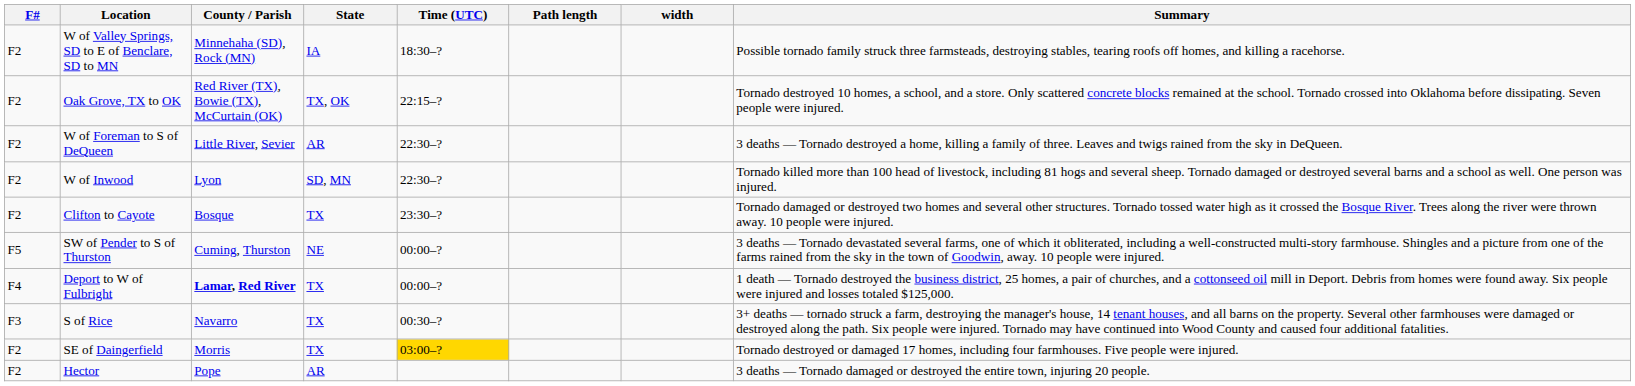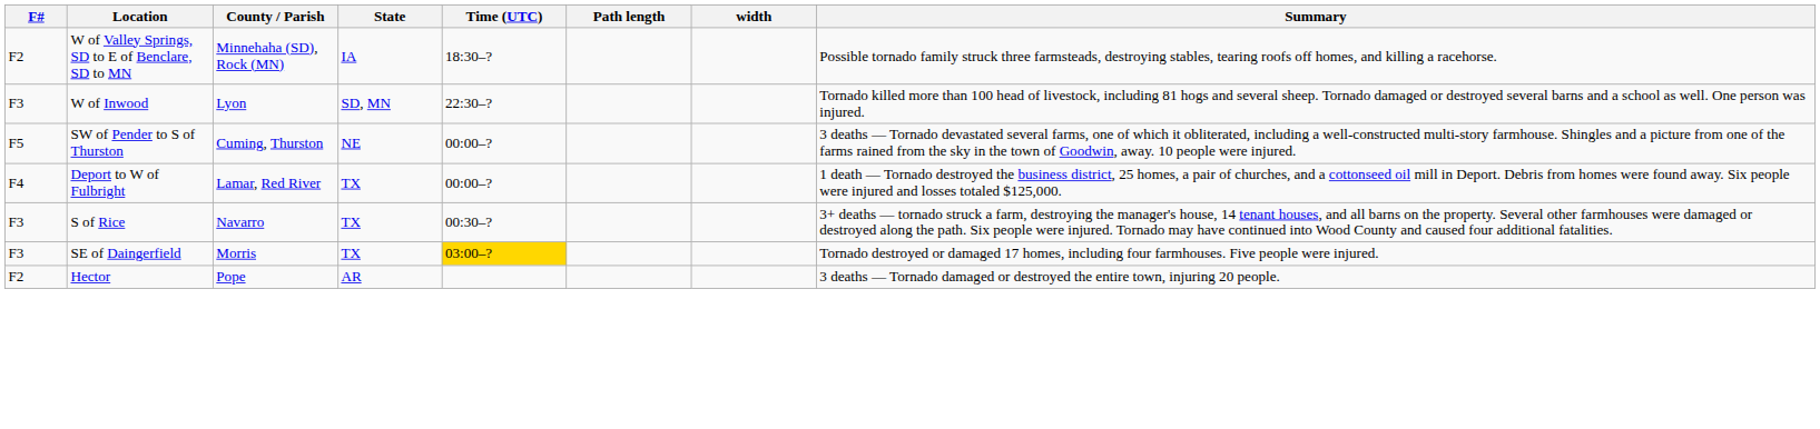 <table class="wikitable sortable" style="width:100%;">
 <tr>
 <th scope="col"  style="width:3%; text-align:center;"><a href='#'>F#</a></th>
 <th scope="col"  style="width:7%; text-align:center;" class="unsortable">Location</th>
 <th scope="col"  style="width:6%; text-align:center;" class="unsortable">County / Parish</th>
 <th scope="col"  style="width:5%; text-align:center;">State</th>
 <th scope="col"  style="width:6%; text-align:center;">Time (<a href='#'>UTC</a>)</th>
 <th scope="col"  style="width:6%; text-align:center;">Path length</th>
 <th scope="col"  style="width:6%; text-align:center;"> width</th>
 <th scope="col" class="unsortable" style="width:48%; text-align:center;">Summary</th>
 </tr>
 <tr>
 <td>F2</td>
 <td>W of <a href='#'>Valley Springs, SD</a> to E of <a href='#'>Benclare, SD</a> to <a href='#'>MN</a></td>
 <td><a href='#'>Minnehaha (SD)</a>, <a href='#'>Rock (MN)</a></td>
 <td><a href='#'>IA</a></td>
 <td>18:30–?</td>
 <td></td>
 <td></td>
 <td>Possible tornado family struck three farmsteads, destroying stables, tearing roofs off homes, and killing a racehorse.</td>
 </tr>
 <tr>
-<td>F2</td>
-<td><a href='#'>Oak Grove, TX</a> to <a href='#'>OK</a></td>
-<td><a href='#'>Red River (TX)</a>, <a href='#'>Bowie (TX)</a>, <a href='#'>McCurtain (OK)</a></td>
-<td><a href='#'>TX</a>, <a href='#'>OK</a></td>
-<td>22:15–?</td>
-<td></td>
-<td></td>
-<td>Tornado destroyed 10 homes, a school, and a store. Only scattered <a href='#'>concrete blocks</a> remained at the school. Tornado crossed into Oklahoma before dissipating. Seven people were injured.</td>
-</tr>
-<tr>
-<td>F2</td>
-<td>W of <a href='#'>Foreman</a> to S of <a href='#'>DeQueen</a></td>
-<td><a href='#'>Little River</a>, <a href='#'>Sevier</a></td>
-<td><a href='#'>AR</a></td>
-<td>22:30–?</td>
-<td></td>
-<td></td>
-<td>3 deaths — Tornado destroyed a home, killing a family of three. Leaves and twigs rained from the sky in DeQueen.</td>
-</tr>
-<tr>
-<td>F2</td>
+<td>F3</td>
 <td>W of <a href='#'>Inwood</a></td>
 <td><a href='#'>Lyon</a></td>
 <td><a href='#'>SD</a>, <a href='#'>MN</a></td>
 <td>22:30–?</td>
 <td></td>
 <td></td>
 <td>Tornado killed more than 100 head of livestock, including 81 hogs and several sheep. Tornado damaged or destroyed several barns and a school as well. One person was injured.</td>
-</tr>
-<tr>
-<td>F2</td>
-<td><a href='#'>Clifton</a> to <a href='#'>Cayote</a></td>
-<td><a href='#'>Bosque</a></td>
-<td><a href='#'>TX</a></td>
-<td>23:30–?</td>
-<td></td>
-<td></td>
-<td>Tornado damaged or destroyed two homes and several other structures. Tornado tossed water  high as it crossed the <a href='#'>Bosque River</a>. Trees along the river were thrown  away. 10 people were injured.</td>
 </tr>
 <tr>
 <td>F5</td>
 <td>SW of <a href='#'>Pender</a> to S of <a href='#'>Thurston</a></td>
 <td><a href='#'>Cuming</a>, <a href='#'>Thurston</a></td>
 <td><a href='#'>NE</a></td>
 <td>00:00–?</td>
 <td></td>
 <td></td>
 <td>3 deaths — Tornado devastated several farms, one of which it obliterated, including a well-constructed multi-story farmhouse. Shingles and a picture from one of the farms rained from the sky in the town of <a href='#'>Goodwin</a>,  away. 10 people were injured.</td>
 </tr>
 <tr>
 <td>F4</td>
 <td><a href='#'>Deport</a> to W of <a href='#'>Fulbright</a></td>
-<td><strong><a href='#'>Lamar</a>, <a href='#'>Red River</a></strong></td>
+<td><a href='#'>Lamar</a>, <a href='#'>Red River</a></td>
 <td><a href='#'>TX</a></td>
 <td>00:00–?</td>
 <td></td>
 <td></td>
 <td>1 death — Tornado destroyed the <a href='#'>business district</a>, 25 homes, a pair of churches, and a <a href='#'>cottonseed oil</a> mill in Deport. Debris from homes were found  away. Six people were injured and losses totaled $125,000.</td>
 </tr>
 <tr>
 <td>F3</td>
 <td>S of <a href='#'>Rice</a></td>
 <td><a href='#'>Navarro</a></td>
 <td><a href='#'>TX</a></td>
 <td>00:30–?</td>
 <td></td>
 <td></td>
 <td>3+ deaths —  tornado struck a farm, destroying the manager's house, 14 <a href='#'>tenant houses</a>, and all barns on the property. Several other farmhouses were damaged or destroyed along the path. Six people were injured. Tornado may have continued into Wood County and caused four additional fatalities.</td>
 </tr>
 <tr>
-<td>F2</td>
+<td>F3</td>
 <td>SE of <a href='#'>Daingerfield</a></td>
 <td><a href='#'>Morris</a></td>
 <td><a href='#'>TX</a></td>
 <td style="background: gold;">03:00–?</td>
 <td></td>
 <td></td>
 <td>Tornado destroyed or damaged 17 homes, including four farmhouses. Five people were injured.</td>
 </tr>
 <tr>
 <td>F2</td>
 <td><a href='#'>Hector</a></td>
 <td><a href='#'>Pope</a></td>
 <td><a href='#'>AR</a></td>
 <td></td>
 <td></td>
 <td></td>
 <td>3 deaths — Tornado damaged or destroyed the entire town, injuring 20 people.</td>
 </tr>
 </table>
